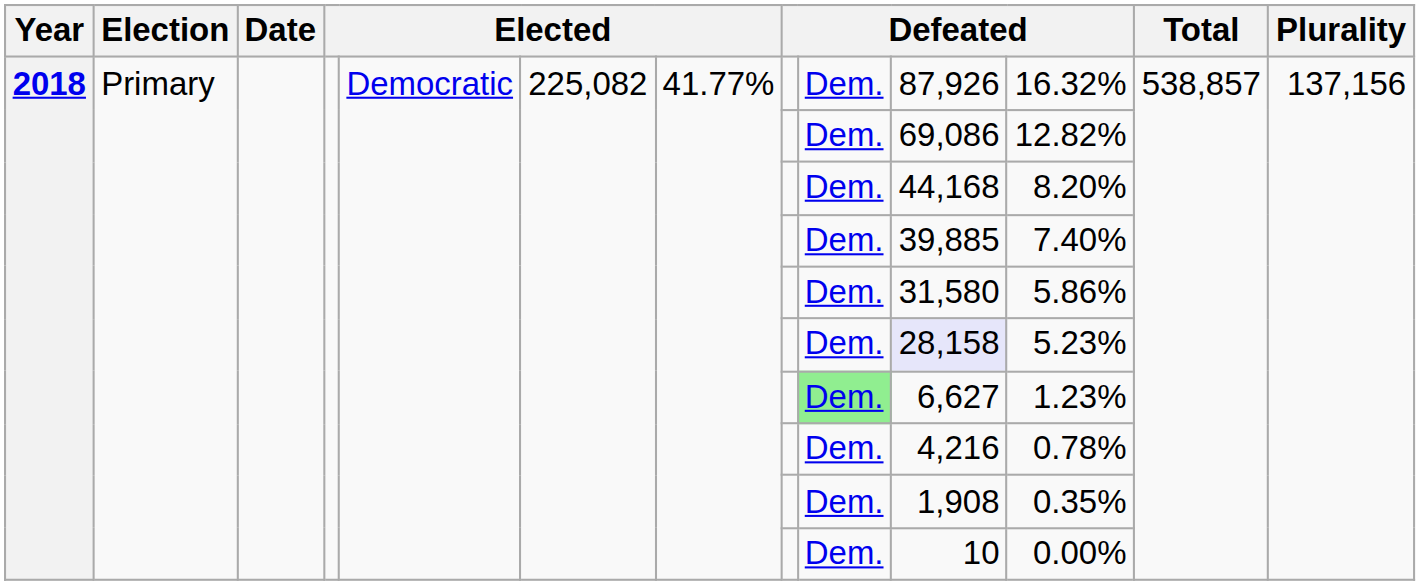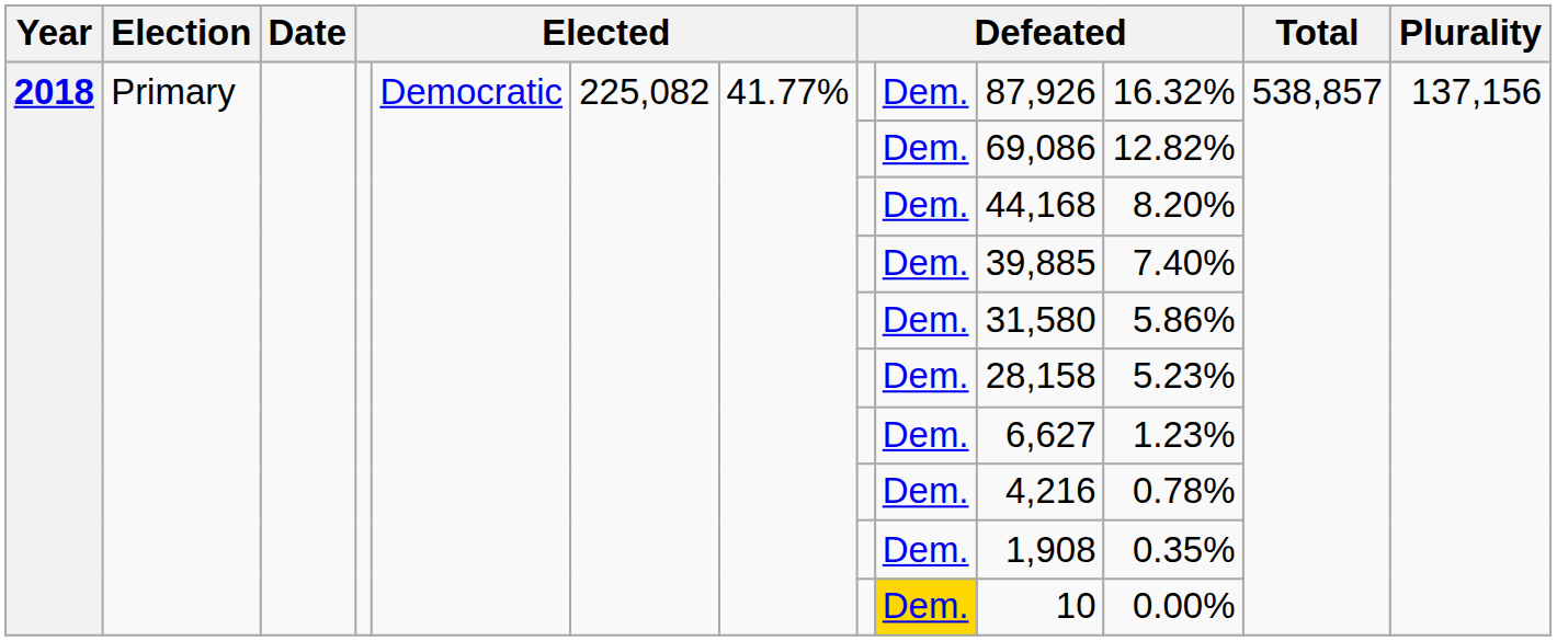 <table class="wikitable">
 <tr>
 <th>Year</th>
 <th>Election</th>
 <th>Date</th>
 <th colspan="4">Elected</th>
 <th colspan="4">Defeated</th>
 <th>Total</th>
 <th>Plurality</th>
 </tr>
 <tr>
 <th rowspan="10" valign="top"><a href='#'>2018</a></th>
 <td rowspan="10" valign="top">Primary</td>
 <td rowspan="10" valign="top"></td>
 <td rowspan="10" valign="top"></td>
 <td rowspan="10" valign="top" ><a href='#'>Democratic</a></td>
 <td rowspan="10" align="right" valign="top">225,082</td>
 <td rowspan="10" align="right" valign="top">41.77%</td>
 <td valign="top"></td>
 <td valign="top" ><a href='#'>Dem.</a></td>
 <td align="right" valign="top">87,926</td>
 <td align="right" valign="top">16.32%</td>
 <td rowspan="10" align="right" valign="top">538,857</td>
 <td rowspan="10" align="right" valign="top">137,156</td>
 </tr>
 <tr>
 <td valign="top"></td>
 <td valign="top" ><a href='#'>Dem.</a></td>
 <td align="right" valign="top">69,086</td>
 <td align="right" valign="top">12.82%</td>
 </tr>
 <tr>
 <td valign="top"></td>
 <td valign="top" ><a href='#'>Dem.</a></td>
 <td align="right" valign="top">44,168</td>
 <td align="right" valign="top">8.20%</td>
 </tr>
 <tr>
 <td valign="top"></td>
 <td valign="top" ><a href='#'>Dem.</a></td>
 <td align="right" valign="top">39,885</td>
 <td align="right" valign="top">7.40%</td>
 </tr>
 <tr>
 <td valign="top"></td>
 <td valign="top" ><a href='#'>Dem.</a></td>
 <td align="right" valign="top">31,580</td>
 <td align="right" valign="top">5.86%</td>
 </tr>
 <tr>
 <td valign="top"></td>
 <td valign="top" ><a href='#'>Dem.</a></td>
-<td align="right" valign="top" style="background: lavender;">28,158</td>
+<td align="right" valign="top">28,158</td>
 <td align="right" valign="top">5.23%</td>
 </tr>
 <tr>
 <td valign="top"></td>
-<td valign="top"  style="background: lightgreen;"><a href='#'>Dem.</a></td>
+<td valign="top" ><a href='#'>Dem.</a></td>
 <td align="right" valign="top">6,627</td>
 <td align="right" valign="top">1.23%</td>
 </tr>
 <tr>
 <td valign="top"></td>
 <td valign="top" ><a href='#'>Dem.</a></td>
 <td align="right" valign="top">4,216</td>
 <td align="right" valign="top">0.78%</td>
 </tr>
 <tr>
 <td valign="top"></td>
 <td valign="top" ><a href='#'>Dem.</a></td>
 <td align="right" valign="top">1,908</td>
 <td align="right" valign="top">0.35%</td>
 </tr>
 <tr>
 <td valign="top"></td>
-<td valign="top" ><a href='#'>Dem.</a></td>
+<td valign="top"  style="background: gold;"><a href='#'>Dem.</a></td>
 <td align="right" valign="top">10</td>
 <td align="right" valign="top">0.00%</td>
 </tr>
 </table>
